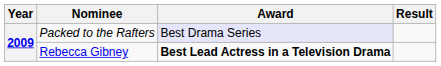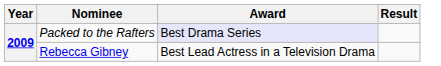 <table class="wikitable plainrowheaders" style="font-size: 95%;">
 <tr>
 <th scope="col">Year</th>
 <th scope="col">Nominee</th>
 <th scope="col">Award</th>
 <th scope="col">Result</th>
 </tr>
 <tr>
 <th scope="row" rowspan="2"><a href='#'>2009</a></th>
 <td><em>Packed to the Rafters</em></td>
 <td style="background: lavender;">Best Drama Series</td>
 <td></td>
 </tr>
 <tr>
 <td><a href='#'>Rebecca Gibney</a></td>
-<td><strong>Best Lead Actress in a Television Drama</strong></td>
+<td>Best Lead Actress in a Television Drama</td>
 <td></td>
 </tr>
 </table>
